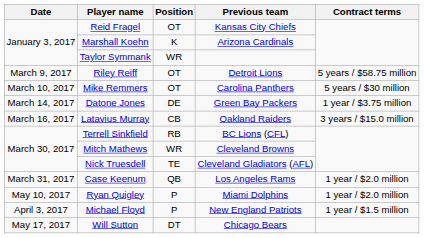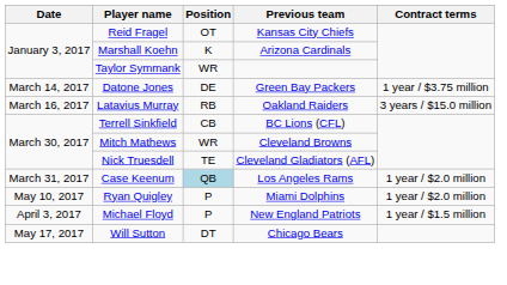 <table class="wikitable" style="text-align:center">
 <tr>
 <th>Date</th>
 <th>Player name</th>
 <th>Position</th>
 <th>Previous team</th>
 <th>Contract terms</th>
 </tr>
 <tr>
 <td rowspan=3>January 3, 2017</td>
 <td><a href='#'>Reid Fragel</a></td>
 <td>OT</td>
 <td><a href='#'>Kansas City Chiefs</a></td>
 <td rowspan=3></td>
 </tr>
 <tr>
 <td><a href='#'>Marshall Koehn</a></td>
 <td>K</td>
 <td><a href='#'>Arizona Cardinals</a></td>
 </tr>
 <tr>
 <td><a href='#'>Taylor Symmank</a></td>
 <td>WR</td>
 <td></td>
 </tr>
 <tr>
-<td>March 9, 2017</td>
-<td><a href='#'>Riley Reiff</a></td>
-<td>OT</td>
-<td><a href='#'>Detroit Lions</a></td>
-<td>5 years / $58.75 million</td>
-</tr>
-<tr>
-<td>March 10, 2017</td>
-<td><a href='#'>Mike Remmers</a></td>
-<td>OT</td>
-<td><a href='#'>Carolina Panthers</a></td>
-<td>5 years / $30 million</td>
-</tr>
-<tr>
 <td>March 14, 2017</td>
 <td><a href='#'>Datone Jones</a></td>
 <td>DE</td>
 <td><a href='#'>Green Bay Packers</a></td>
 <td>1 year / $3.75 million</td>
 </tr>
 <tr>
 <td>March 16, 2017</td>
 <td><a href='#'>Latavius Murray</a></td>
-<td>CB</td>
+<td>RB</td>
 <td><a href='#'>Oakland Raiders</a></td>
 <td>3 years / $15.0 million</td>
 </tr>
 <tr>
 <td rowspan=3>March 30, 2017</td>
 <td><a href='#'>Terrell Sinkfield</a></td>
-<td>RB</td>
+<td>CB</td>
 <td><a href='#'>BC Lions</a> (<a href='#'>CFL</a>)</td>
 <td rowspan=3></td>
 </tr>
 <tr>
 <td><a href='#'>Mitch Mathews</a></td>
 <td>WR</td>
 <td><a href='#'>Cleveland Browns</a></td>
 </tr>
 <tr>
 <td><a href='#'>Nick Truesdell</a></td>
 <td>TE</td>
 <td><a href='#'>Cleveland Gladiators</a> (<a href='#'>AFL</a>)</td>
 </tr>
 <tr>
 <td>March 31, 2017</td>
 <td><a href='#'>Case Keenum</a></td>
-<td>QB</td>
+<td style="background: lightblue;">QB</td>
 <td><a href='#'>Los Angeles Rams</a></td>
 <td>1 year / $2.0 million</td>
 </tr>
 <tr>
 <td>May 10, 2017</td>
 <td><a href='#'>Ryan Quigley</a></td>
 <td>P</td>
 <td><a href='#'>Miami Dolphins</a></td>
 <td>1 year / $2.0 million</td>
 </tr>
 <tr>
 <td>April 3, 2017</td>
 <td><a href='#'>Michael Floyd</a></td>
 <td>P</td>
 <td><a href='#'>New England Patriots</a></td>
 <td>1 year / $1.5 million</td>
 </tr>
 <tr>
 <td>May 17, 2017</td>
 <td><a href='#'>Will Sutton</a></td>
 <td>DT</td>
 <td><a href='#'>Chicago Bears</a></td>
 <td><br></td>
 </tr>
 </table>
